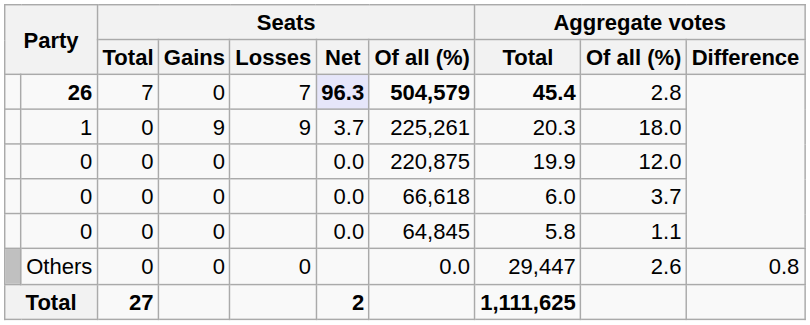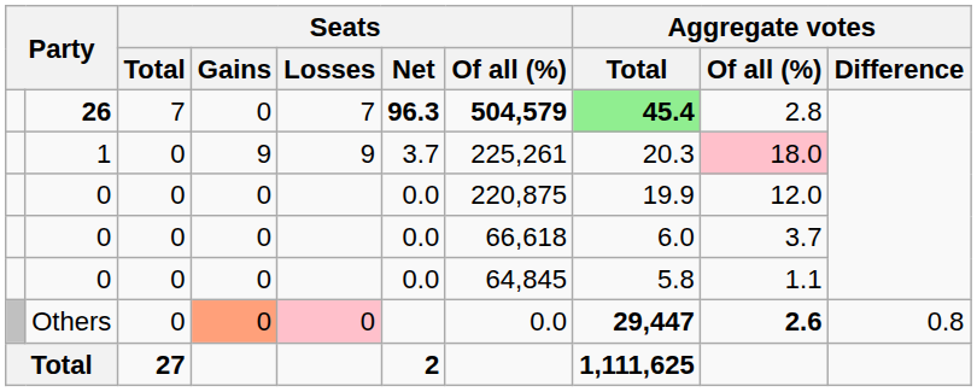 <table class="wikitable sortable" style="text-align:right; font-size:95%;">
 <tr>
 <th colspan="2" rowspan="2">Party</th>
 <th colspan="5">Seats</th>
 <th colspan="3">Aggregate votes</th>
 </tr>
 <tr>
 <th>Total</th>
 <th>Gains</th>
 <th>Losses</th>
 <th>Net</th>
 <th>Of all (%)</th>
 <th>Total</th>
 <th>Of all (%)</th>
 <th>Difference</th>
 </tr>
 <tr>
 <td></td>
 <td><strong>26</strong></td>
 <td>7</td>
 <td>0</td>
 <td>7</td>
-<td style="background: lavender;"><strong>96.3</strong></td>
+<td><strong>96.3</strong></td>
 <td><strong>504,579</strong></td>
-<td><strong>45.4</strong></td>
+<td style="background: lightgreen;"><strong>45.4</strong></td>
 <td>2.8</td>
 </tr>
 <tr>
 <td></td>
 <td>1</td>
 <td>0</td>
 <td>9</td>
 <td>9</td>
 <td>3.7</td>
 <td>225,261</td>
 <td>20.3</td>
-<td>18.0</td>
+<td style="background: pink;">18.0</td>
 </tr>
 <tr>
 <td></td>
 <td>0</td>
 <td>0</td>
 <td>0</td>
 <td></td>
 <td>0.0</td>
 <td>220,875</td>
 <td>19.9</td>
 <td>12.0</td>
 </tr>
 <tr>
 <td></td>
 <td>0</td>
 <td>0</td>
 <td>0</td>
 <td></td>
 <td>0.0</td>
 <td>66,618</td>
 <td>6.0</td>
 <td>3.7</td>
 </tr>
 <tr>
 <td></td>
 <td>0</td>
 <td>0</td>
 <td>0</td>
 <td></td>
 <td>0.0</td>
 <td>64,845</td>
 <td>5.8</td>
 <td>1.1</td>
 </tr>
 <tr>
 <td style="background:silver;"> </td>
 <td align=left>Others</td>
 <td>0</td>
-<td>0</td>
-<td>0</td>
+<td style="background: lightsalmon;">0</td>
+<td style="background: pink;">0</td>
 <td></td>
 <td>0.0</td>
-<td>29,447</td>
-<td>2.6</td>
+<td><strong>29,447</strong></td>
+<td><strong>2.6</strong></td>
 <td>0.8</td>
 </tr>
 <tr class="sortbottom" style="font-weight:bold;">
 <th colspan="2" scope="row" style="background-color:#f2f2f2;">Total</th>
 <td>27</td>
 <td></td>
 <td></td>
 <td> 2</td>
 <td></td>
 <td>1,111,625</td>
 <td></td>
 <td></td>
 </tr>
 </table>
